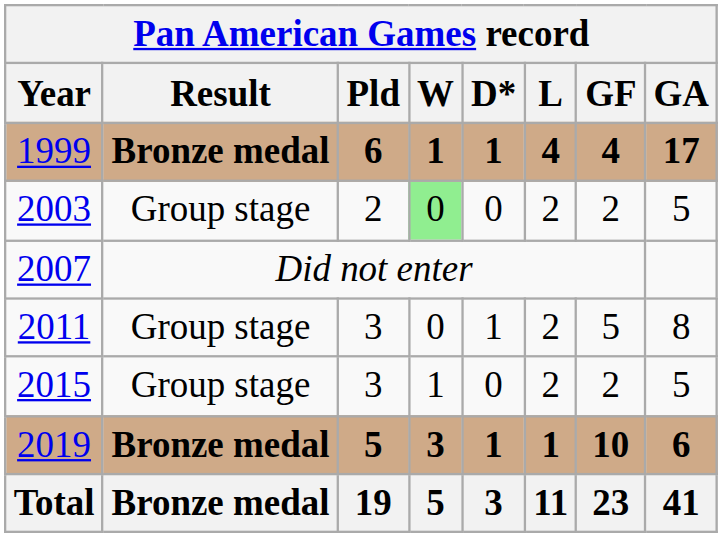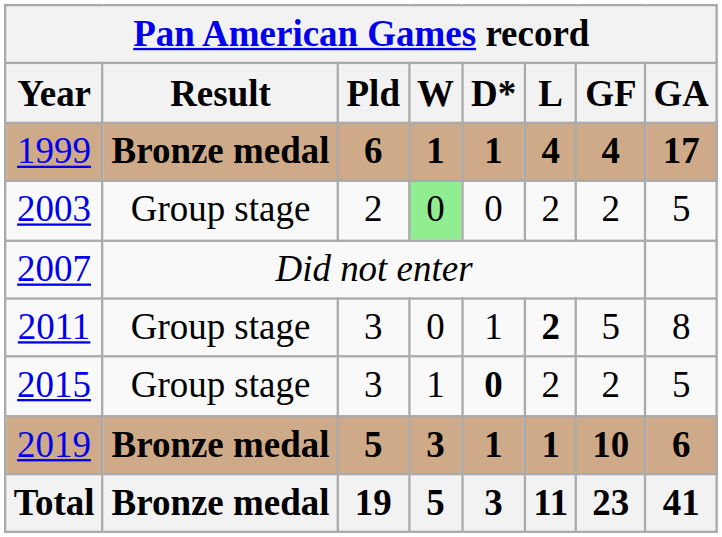 <table class="wikitable" style="text-align: center;">
 <tr>
 <th colspan=8><a href='#'>Pan American Games</a> record</th>
 </tr>
 <tr>
 <th>Year</th>
 <th>Result</th>
 <th>Pld</th>
 <th>W</th>
 <th>D*</th>
 <th>L</th>
 <th>GF</th>
 <th>GA</th>
 </tr>
 <tr bgcolor=#cfaa88>
 <td> <a href='#'>1999</a></td>
 <td><strong>Bronze medal</strong></td>
 <td><strong>6</strong></td>
 <td><strong>1</strong></td>
 <td><strong>1</strong></td>
 <td><strong>4</strong></td>
 <td><strong>4</strong></td>
 <td><strong>17</strong></td>
 </tr>
 <tr>
 <td> <a href='#'>2003</a></td>
 <td>Group stage</td>
 <td>2</td>
 <td style="background: lightgreen;">0</td>
 <td>0</td>
 <td>2</td>
 <td>2</td>
 <td>5</td>
 </tr>
 <tr>
 <td> <a href='#'>2007</a></td>
 <td colspan=6><em>Did not enter</em></td>
 </tr>
 <tr>
 <td> <a href='#'>2011</a></td>
 <td>Group stage</td>
 <td>3</td>
 <td>0</td>
 <td>1</td>
-<td>2</td>
+<td><strong>2</strong></td>
 <td>5</td>
 <td>8</td>
 </tr>
 <tr>
 <td> <a href='#'>2015</a></td>
 <td>Group stage</td>
 <td>3</td>
 <td>1</td>
-<td>0</td>
+<td><strong>0</strong></td>
 <td>2</td>
 <td>2</td>
 <td>5</td>
 </tr>
 <tr bgcolor=#cfaa88>
 <td> <a href='#'>2019</a></td>
 <td><strong>Bronze medal</strong></td>
 <td><strong>5</strong></td>
 <td><strong>3</strong></td>
 <td><strong>1</strong></td>
 <td><strong>1</strong></td>
 <td><strong>10</strong></td>
 <td><strong>6</strong></td>
 </tr>
 <tr>
 <th>Total</th>
 <th>Bronze medal</th>
 <th>19</th>
 <th>5</th>
 <th>3</th>
 <th>11</th>
 <th>23</th>
 <th>41</th>
 </tr>
 </table>
